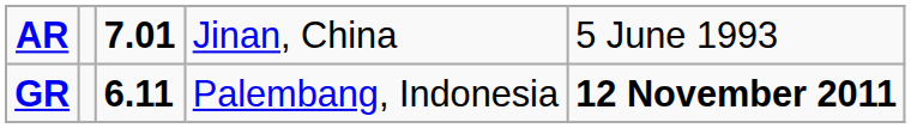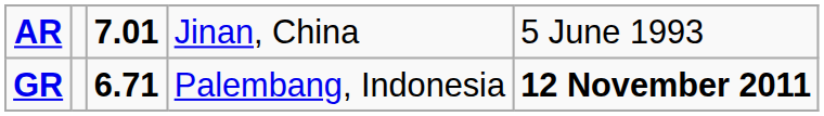 <table class="wikitable" style="font-size:95%; position:relative;">
 <tr>
 <td align=center><strong><a href='#'>AR</a></strong></td>
 <td></td>
 <td><strong>7.01</strong></td>
 <td><a href='#'>Jinan</a>, China</td>
 <td>5 June 1993</td>
 </tr>
 <tr>
 <td align=center><strong><a href='#'>GR</a></strong></td>
 <td></td>
-<td><strong>6.11</strong></td>
+<td><strong>6.71</strong></td>
 <td><a href='#'>Palembang</a>, Indonesia</td>
 <td><strong>12 November 2011</strong></td>
 </tr>
 </table>
